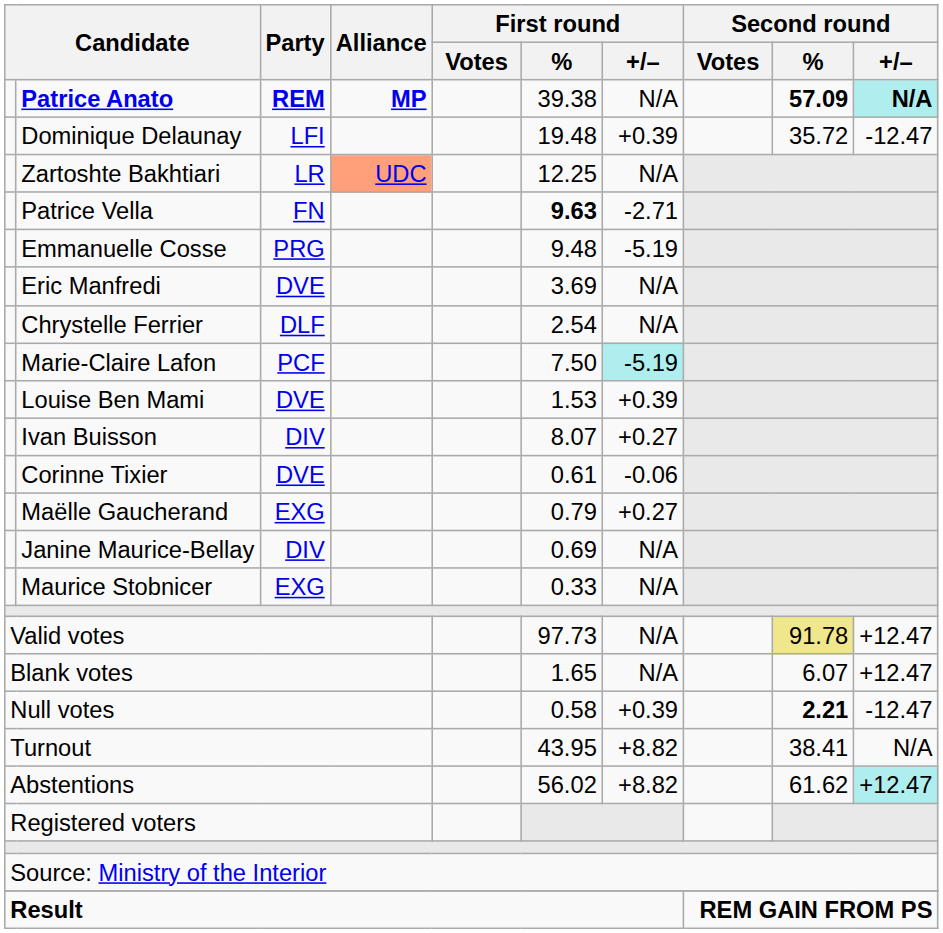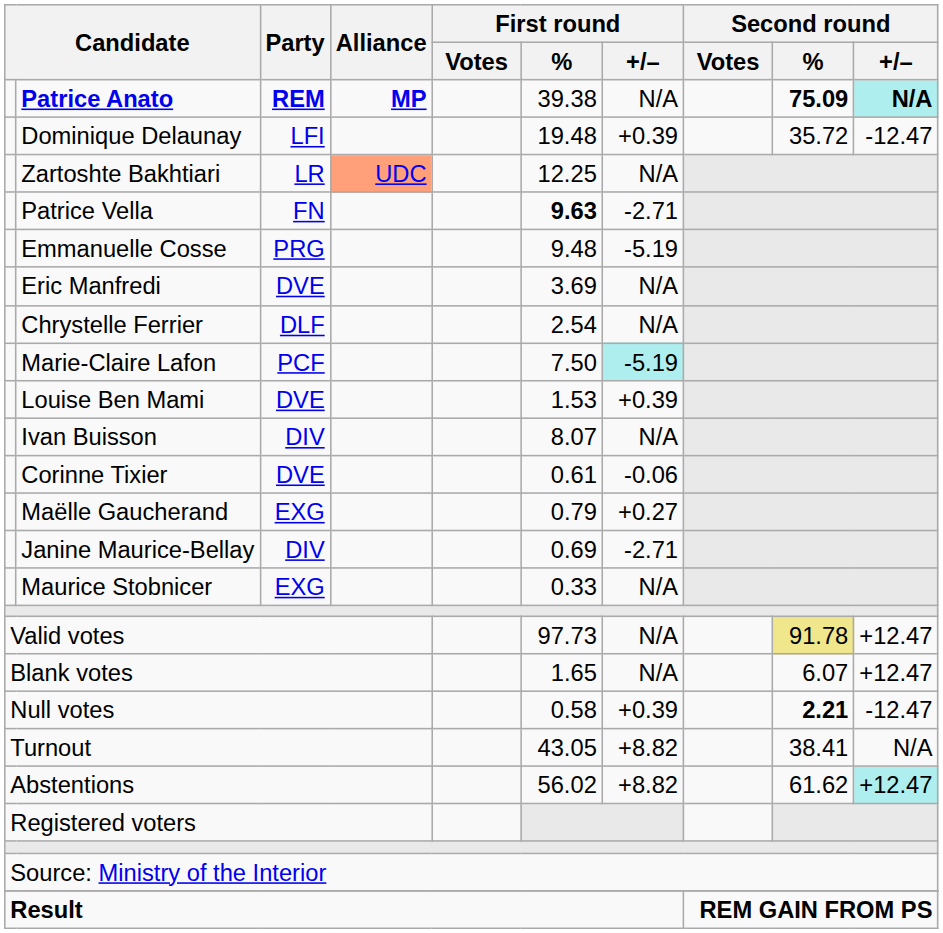 <table class="wikitable" style="text-align:right;font-size:95%;">
 <tr>
 <th rowspan="2" colspan="2">Candidate</th>
 <th rowspan="2">Party</th>
 <th rowspan="2">Alliance</th>
 <th colspan="3">First round</th>
 <th colspan="3">Second round</th>
 </tr>
 <tr>
 <th style="width:50px;">Votes</th>
 <th style="width:45px;">%</th>
 <th style="width:45px;">+/–</th>
 <th style="width:50px;">Votes</th>
 <th style="width:45px;">%</th>
 <th style="width:45px;">+/–</th>
 </tr>
 <tr>
 <td style="color:inherit;background:"></td>
 <td style="text-align:left;"><strong><a href='#'>Patrice Anato</a></strong></td>
 <td><a href='#'><strong>REM</strong></a> </td>
 <td><a href='#'><strong>MP</strong></a> </td>
 <td></td>
 <td>39.38</td>
 <td>N/A</td>
 <td><strong></strong></td>
-<td><strong>57.09</strong></td>
+<td><strong>75.09</strong></td>
 <td style="background: paleturquoise;"><strong>N/A</strong></td>
 </tr>
 <tr>
 <td style="color:inherit;background:"></td>
 <td style="text-align:left;">Dominique Delaunay</td>
 <td><a href='#'>LFI</a> </td>
 <td></td>
 <td></td>
 <td>19.48</td>
 <td>+0.39</td>
 <td></td>
 <td>35.72</td>
 <td>-12.47</td>
 </tr>
 <tr>
 <td style="color:inherit;background:"></td>
 <td style="text-align:left;">Zartoshte Bakhtiari</td>
 <td><a href='#'>LR</a></td>
 <td style="background: lightsalmon;"><a href='#'>UDC</a></td>
 <td></td>
 <td>12.25</td>
 <td>N/A</td>
 <td colspan="3" style="background:#E9E9E9;"></td>
 </tr>
 <tr>
 <td style="color:inherit;background:"></td>
 <td style="text-align:left;">Patrice Vella</td>
 <td><a href='#'>FN</a></td>
 <td></td>
 <td></td>
 <td><strong>9.63</strong></td>
 <td>-2.71</td>
 <td colspan="3" style="background:#E9E9E9;"></td>
 </tr>
 <tr>
 <td style="color:inherit;background:"></td>
 <td style="text-align:left;">Emmanuelle Cosse</td>
 <td><a href='#'>PRG</a></td>
 <td></td>
 <td></td>
 <td>9.48</td>
 <td>-5.19</td>
 <td colspan="3" style="background:#E9E9E9;"></td>
 </tr>
 <tr>
 <td style="color:inherit;background:"></td>
 <td style="text-align:left;">Eric Manfredi</td>
 <td><a href='#'>DVE</a></td>
 <td></td>
 <td></td>
 <td>3.69</td>
 <td>N/A</td>
 <td colspan="3" style="background:#E9E9E9;"></td>
 </tr>
 <tr>
 <td style="color:inherit;background:"></td>
 <td style="text-align:left;">Chrystelle Ferrier</td>
 <td><a href='#'>DLF</a></td>
 <td></td>
 <td></td>
 <td>2.54</td>
 <td>N/A</td>
 <td colspan="3" style="background:#E9E9E9;"></td>
 </tr>
 <tr>
 <td style="color:inherit;background:"></td>
 <td style="text-align:left;">Marie-Claire Lafon</td>
 <td><a href='#'>PCF</a></td>
 <td></td>
 <td></td>
 <td>7.50</td>
 <td style="background: paleturquoise;">-5.19</td>
 <td colspan="3" style="background:#E9E9E9;"></td>
 </tr>
 <tr>
 <td style="color:inherit;background:"></td>
 <td style="text-align:left;">Louise Ben Mami</td>
 <td><a href='#'>DVE</a></td>
 <td></td>
 <td></td>
 <td>1.53</td>
 <td>+0.39</td>
 <td colspan="3" style="background:#E9E9E9;"></td>
 </tr>
 <tr>
 <td style="color:inherit;background:"></td>
 <td style="text-align:left;">Ivan Buisson</td>
 <td><a href='#'>DIV</a></td>
 <td></td>
 <td></td>
 <td>8.07</td>
-<td>+0.27</td>
+<td>N/A</td>
 <td colspan="3" style="background:#E9E9E9;"></td>
 </tr>
 <tr>
 <td style="color:inherit;background:"></td>
 <td style="text-align:left;">Corinne Tixier</td>
 <td><a href='#'>DVE</a></td>
 <td></td>
 <td></td>
 <td>0.61</td>
 <td>-0.06</td>
 <td colspan="3" style="background:#E9E9E9;"></td>
 </tr>
 <tr>
 <td style="color:inherit;background:"></td>
 <td style="text-align:left;">Maëlle Gaucherand</td>
 <td><a href='#'>EXG</a></td>
 <td></td>
 <td></td>
 <td>0.79</td>
 <td>+0.27</td>
 <td colspan="3" style="background:#E9E9E9;"></td>
 </tr>
 <tr>
 <td style="color:inherit;background:"></td>
 <td style="text-align:left;">Janine Maurice-Bellay</td>
 <td><a href='#'>DIV</a></td>
 <td></td>
 <td></td>
 <td>0.69</td>
-<td>N/A</td>
+<td>-2.71</td>
 <td colspan="3" style="background:#E9E9E9;"></td>
 </tr>
 <tr>
 <td style="color:inherit;background:"></td>
 <td style="text-align:left;">Maurice Stobnicer</td>
 <td><a href='#'>EXG</a></td>
 <td></td>
 <td></td>
 <td>0.33</td>
 <td>N/A</td>
 <td colspan="3" style="background:#E9E9E9;"></td>
 </tr>
 <tr>
 <td colspan="10" style="background:#E9E9E9;"></td>
 </tr>
 <tr>
 <td colspan="4" style="text-align:left;">Valid votes</td>
 <td></td>
 <td>97.73</td>
 <td>N/A</td>
 <td></td>
 <td style="background: khaki;">91.78</td>
 <td>+12.47</td>
 </tr>
 <tr>
 <td colspan="4" style="text-align:left;">Blank votes</td>
 <td></td>
 <td>1.65</td>
 <td>N/A</td>
 <td></td>
 <td>6.07</td>
 <td>+12.47</td>
 </tr>
 <tr>
 <td colspan="4" style="text-align:left;">Null votes</td>
 <td></td>
 <td>0.58</td>
 <td>+0.39</td>
 <td></td>
 <td><strong>2.21</strong></td>
 <td>-12.47</td>
 </tr>
 <tr>
 <td colspan="4" style="text-align:left;">Turnout</td>
 <td></td>
-<td>43.95</td>
+<td>43.05</td>
 <td>+8.82</td>
 <td></td>
 <td>38.41</td>
 <td>N/A</td>
 </tr>
 <tr>
 <td colspan="4" style="text-align:left;">Abstentions</td>
 <td></td>
 <td>56.02</td>
 <td>+8.82</td>
 <td></td>
 <td>61.62</td>
 <td style="background: paleturquoise;">+12.47</td>
 </tr>
 <tr>
 <td colspan="4" style="text-align:left;">Registered voters</td>
 <td></td>
 <td colspan="2" style="background:#E9E9E9;"></td>
 <td></td>
 <td colspan="2" style="background:#E9E9E9;"></td>
 </tr>
 <tr>
 <td colspan="10" style="background:#E9E9E9;"></td>
 </tr>
 <tr>
 <td colspan="10" style="text-align:left;">Source: <a href='#'>Ministry of the Interior</a></td>
 </tr>
 <tr>
 </tr>
 <tr style="font-weight:bold">
 <td colspan="7" style="text-align:left;">Result</td>
 <td colspan="7" style="background-color:">REM GAIN FROM PS</td>
 </tr>
 </table>
